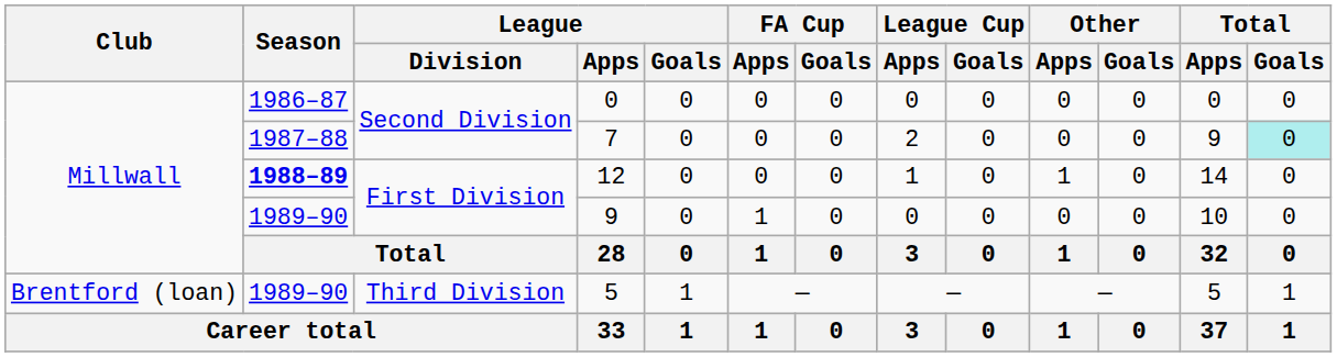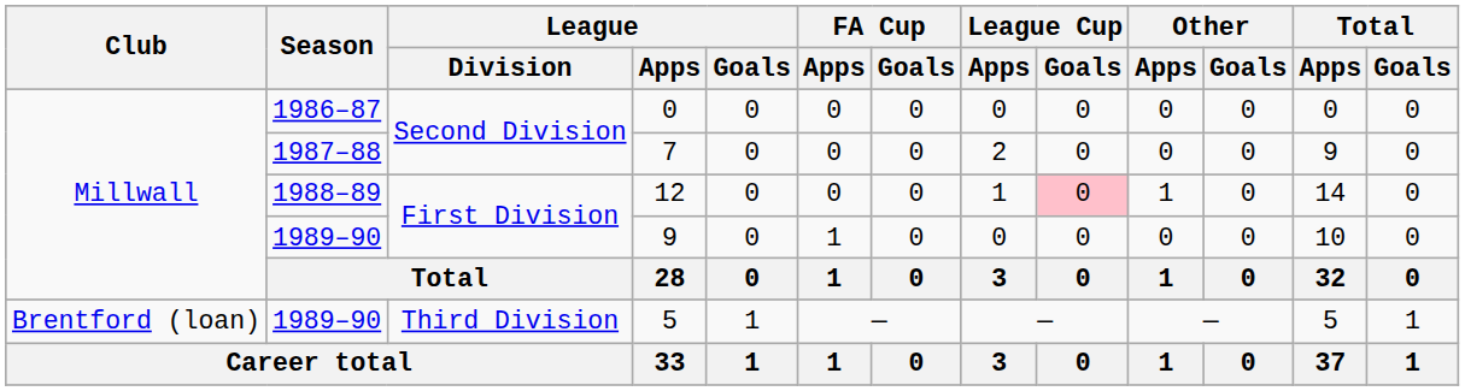 <table class="wikitable" style="text-align: center;">
 <tr>
 <th rowspan="2">Club</th>
 <th rowspan="2">Season</th>
 <th colspan="3">League</th>
 <th colspan="2">FA Cup</th>
 <th colspan="2">League Cup</th>
 <th colspan="2">Other</th>
 <th colspan="2">Total</th>
 </tr>
 <tr>
 <th>Division</th>
 <th>Apps</th>
 <th>Goals</th>
 <th>Apps</th>
 <th>Goals</th>
 <th>Apps</th>
 <th>Goals</th>
 <th>Apps</th>
 <th>Goals</th>
 <th>Apps</th>
 <th>Goals</th>
 </tr>
 <tr>
 <td rowspan="5"><a href='#'>Millwall</a></td>
 <td><a href='#'>1986–87</a></td>
 <td rowspan="2"><a href='#'>Second Division</a></td>
 <td>0</td>
 <td>0</td>
 <td>0</td>
 <td>0</td>
 <td>0</td>
 <td>0</td>
 <td>0</td>
 <td>0</td>
 <td>0</td>
 <td>0</td>
 </tr>
 <tr>
 <td><a href='#'>1987–88</a></td>
 <td>7</td>
 <td>0</td>
 <td>0</td>
 <td>0</td>
 <td>2</td>
 <td>0</td>
 <td>0</td>
 <td>0</td>
 <td>9</td>
-<td style="background: paleturquoise;">0</td>
+<td>0</td>
 </tr>
 <tr>
-<td><strong><a href='#'>1988–89</a></strong></td>
+<td><a href='#'>1988–89</a></td>
 <td rowspan="2"><a href='#'>First Division</a></td>
 <td>12</td>
 <td>0</td>
 <td>0</td>
 <td>0</td>
 <td>1</td>
-<td>0</td>
+<td style="background: pink;">0</td>
 <td>1</td>
 <td>0</td>
 <td>14</td>
 <td>0</td>
 </tr>
 <tr>
 <td><a href='#'>1989–90</a></td>
 <td>9</td>
 <td>0</td>
 <td>1</td>
 <td>0</td>
 <td>0</td>
 <td>0</td>
 <td>0</td>
 <td>0</td>
 <td>10</td>
 <td>0</td>
 </tr>
 <tr>
 <th colspan="2">Total</th>
 <th>28</th>
 <th>0</th>
 <th>1</th>
 <th>0</th>
 <th>3</th>
 <th>0</th>
 <th>1</th>
 <th>0</th>
 <th>32</th>
 <th>0</th>
 </tr>
 <tr>
 <td><a href='#'>Brentford</a> (loan)</td>
 <td><a href='#'>1989–90</a></td>
 <td><a href='#'>Third Division</a></td>
 <td>5</td>
 <td>1</td>
 <td colspan="2">—</td>
 <td colspan="2">—</td>
 <td colspan="2">—</td>
 <td>5</td>
 <td>1</td>
 </tr>
 <tr>
 <th colspan="3">Career total</th>
 <th>33</th>
 <th>1</th>
 <th>1</th>
 <th>0</th>
 <th>3</th>
 <th>0</th>
 <th>1</th>
 <th>0</th>
 <th>37</th>
 <th>1</th>
 </tr>
 </table>
